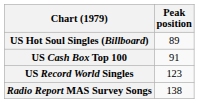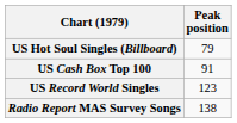 <table class="wikitable plainrowheaders sortable">
 <tr>
 <th>Chart (1979)</th>
 <th>Peak<br>position</th>
 </tr>
 <tr>
 <th scope="row">US Hot Soul Singles (<em>Billboard</em>)</th>
-<td align="center">89</td>
+<td align="center">79</td>
 </tr>
 <tr>
 <th scope="row">US <em>Cash Box</em> Top 100</th>
 <td align="center">91</td>
 </tr>
 <tr>
 <th scope="row">US <em>Record World</em> Singles</th>
 <td align="center">123</td>
 </tr>
 <tr>
 <th scope="row"><em>Radio Report</em> MAS Survey Songs</th>
 <td align="center">138</td>
 </tr>
 </table>
